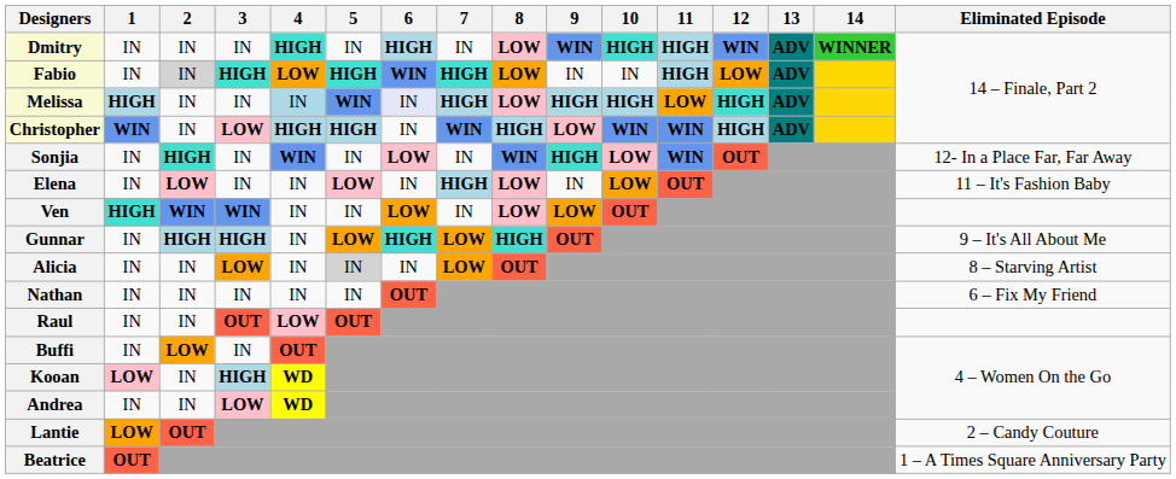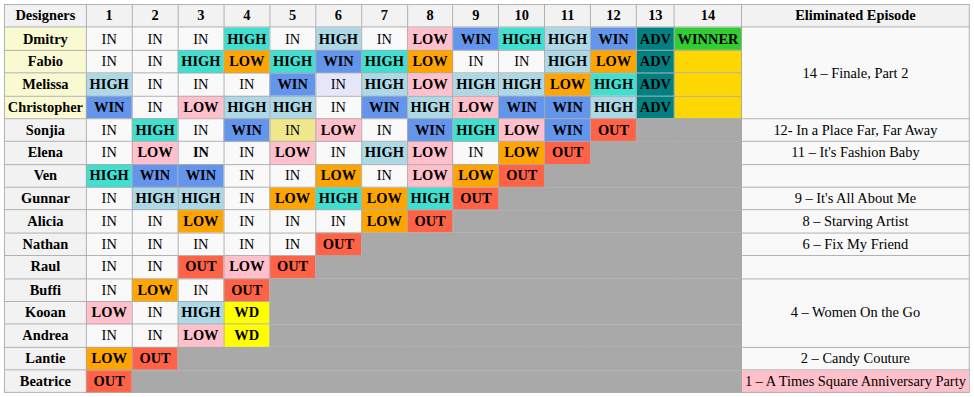 <table class="wikitable" style="text-align:center">
 <tr>
 <th>Designers</th>
 <th>1</th>
 <th>2</th>
 <th>3</th>
 <th>4</th>
 <th>5</th>
 <th>6</th>
 <th>7</th>
 <th>8</th>
 <th>9</th>
 <th>10</th>
 <th>11</th>
 <th>12</th>
 <th>13</th>
 <th>14</th>
 <th>Eliminated Episode</th>
 </tr>
 <tr>
 <th style="background:#FAFAD2;">Dmitry</th>
 <td>IN</td>
 <td>IN</td>
 <td>IN</td>
 <td style="background:turquoise;"><strong>HIGH</strong></td>
 <td>IN</td>
 <td style="background:lightblue;"><strong>HIGH</strong></td>
 <td>IN</td>
 <td style="background:pink;"><strong>LOW</strong></td>
 <td style="background:cornflowerblue;"><strong>WIN</strong></td>
 <td style="background:turquoise;"><strong>HIGH</strong></td>
 <td style="background:lightblue;"><strong>HIGH</strong></td>
 <td style="background:cornflowerblue;"><strong>WIN</strong></td>
 <td style="background:teal;"><strong>ADV</strong></td>
 <td style="background:Limegreen;"><strong>WINNER</strong></td>
 <td rowspan="4">14 – Finale, Part 2</td>
 </tr>
 <tr>
 <th style="background:#FAFAD2;">Fabio</th>
 <td>IN</td>
-<td style="background: lightgrey;">IN</td>
+<td>IN</td>
 <td style="background:turquoise;"><strong>HIGH</strong></td>
 <td style="background:orange;"><strong>LOW</strong></td>
 <td style="background:turquoise;"><strong>HIGH</strong></td>
 <td style="background:cornflowerblue;"><strong>WIN</strong></td>
 <td style="background:turquoise;"><strong>HIGH</strong></td>
 <td style="background:orange;"><strong>LOW</strong></td>
 <td>IN</td>
 <td>IN</td>
 <td style="background:lightblue;"><strong>HIGH</strong></td>
 <td style="background:orange;"><strong>LOW</strong></td>
 <td style="background:teal;"><strong>ADV</strong></td>
 <td style="background:gold;"></td>
 </tr>
 <tr>
 <th style="background:#FAFAD2;">Melissa</th>
 <td style="background:lightblue;"><strong>HIGH</strong></td>
 <td>IN</td>
 <td>IN</td>
-<td style="background: lightblue;">IN</td>
+<td>IN</td>
 <td style="background:cornflowerblue;"><strong>WIN</strong></td>
 <td style="background: lavender;">IN</td>
 <td style="background:lightblue;"><strong>HIGH</strong></td>
 <td style="background:pink;"><strong>LOW</strong></td>
 <td style="background:lightblue;"><strong>HIGH</strong></td>
 <td style="background:lightblue;"><strong>HIGH</strong></td>
 <td style="background:orange;"><strong>LOW</strong></td>
 <td style="background:turquoise;"><strong>HIGH</strong></td>
 <td style="background:teal;"><strong>ADV</strong></td>
 <td style="background:gold;"></td>
 </tr>
 <tr>
 <th style="background:#FAFAD2;">Christopher</th>
 <td style="background:cornflowerblue;"><strong>WIN</strong></td>
 <td>IN</td>
 <td style="background:pink;"><strong>LOW</strong></td>
 <td style="background:lightblue;"><strong>HIGH</strong></td>
 <td style="background:lightblue;"><strong>HIGH</strong></td>
 <td>IN</td>
 <td style="background:cornflowerblue;"><strong>WIN</strong></td>
 <td style="background:lightblue;"><strong>HIGH</strong></td>
 <td style="background:pink;"><strong>LOW</strong></td>
 <td style="background:cornflowerblue;"><strong>WIN</strong></td>
 <td style="background:cornflowerblue;"><strong>WIN</strong></td>
 <td style="background:lightblue;"><strong>HIGH</strong></td>
 <td style="background:teal;"><strong>ADV</strong></td>
 <td style="background:gold;"></td>
 </tr>
 <tr>
 <th>Sonjia</th>
 <td>IN</td>
 <td style="background:turquoise;"><strong>HIGH</strong></td>
 <td>IN</td>
 <td style="background:cornflowerblue;"><strong>WIN</strong></td>
-<td>IN</td>
+<td style="background: khaki;">IN</td>
 <td style="background:pink;"><strong>LOW</strong></td>
 <td>IN</td>
 <td style="background:cornflowerblue;"><strong>WIN</strong></td>
 <td style="background:turquoise;"><strong>HIGH</strong></td>
 <td style="background:pink;"><strong>LOW</strong></td>
 <td style="background:cornflowerblue;"><strong>WIN</strong></td>
 <td style="background:tomato;"><strong>OUT</strong></td>
 <td style="background:darkgray;" colspan="2"></td>
 <td>12- In a Place Far, Far Away</td>
 </tr>
 <tr>
 <th>Elena</th>
 <td>IN</td>
 <td style="background:pink;"><strong>LOW</strong></td>
-<td>IN</td>
+<td><strong>IN</strong></td>
 <td>IN</td>
 <td style="background:pink;"><strong>LOW</strong></td>
 <td>IN</td>
 <td style="background:lightblue;"><strong>HIGH</strong></td>
 <td style="background:pink;"><strong>LOW</strong></td>
 <td>IN</td>
 <td style="background:orange;"><strong>LOW</strong></td>
 <td style="background:tomato;"><strong>OUT</strong></td>
 <td style="background:darkgray;" colspan="3"></td>
 <td>11 – It's Fashion Baby</td>
 </tr>
 <tr>
 <th>Ven</th>
 <td style="background:turquoise;"><strong>HIGH</strong></td>
 <td style="background:cornflowerblue;"><strong>WIN</strong></td>
 <td style="background:cornflowerblue;"><strong>WIN</strong></td>
 <td>IN</td>
 <td>IN</td>
 <td style="background:orange;"><strong>LOW</strong></td>
 <td>IN</td>
 <td style="background:pink;"><strong>LOW</strong></td>
 <td style="background:orange;"><strong>LOW</strong></td>
 <td style="background:tomato;"><strong>OUT</strong></td>
 <td style="background:darkgray;" colspan="4"></td>
 <td></td>
 </tr>
 <tr>
 <th>Gunnar</th>
 <td>IN</td>
 <td style="background:lightblue;"><strong>HIGH</strong></td>
 <td style="background:lightblue;"><strong>HIGH</strong></td>
 <td>IN</td>
 <td style="background:orange;"><strong>LOW</strong></td>
 <td style="background:turquoise;"><strong>HIGH</strong></td>
 <td style="background:orange;"><strong>LOW</strong></td>
 <td style="background:turquoise;"><strong>HIGH</strong></td>
 <td style="background:tomato;"><strong>OUT</strong></td>
 <td style="background:darkgray;" colspan="5"></td>
 <td>9 – It's All About Me</td>
 </tr>
 <tr>
 <th>Alicia</th>
 <td>IN</td>
 <td>IN</td>
 <td style="background:orange;"><strong>LOW</strong></td>
 <td>IN</td>
-<td style="background: lightgrey;">IN</td>
+<td>IN</td>
 <td>IN</td>
 <td style="background:orange;"><strong>LOW</strong></td>
 <td style="background:tomato;"><strong>OUT</strong></td>
 <td style="background:darkgray;" colspan="6"></td>
 <td>8 – Starving Artist</td>
 </tr>
 <tr>
 <th>Nathan</th>
 <td>IN</td>
 <td>IN</td>
 <td>IN</td>
 <td>IN</td>
 <td>IN</td>
 <td style="background:tomato;"><strong>OUT</strong></td>
 <td style="background:darkgray;" colspan="8"></td>
 <td>6 – Fix My Friend</td>
 </tr>
 <tr>
 <th>Raul</th>
 <td>IN</td>
 <td>IN</td>
 <td style="background:tomato;"><strong>OUT</strong></td>
 <td style="background:pink;"><strong>LOW</strong></td>
 <td style="background:tomato;"><strong>OUT</strong></td>
 <td style="background:darkgray;" colspan="9"></td>
 <td></td>
 </tr>
 <tr>
 <th>Buffi</th>
 <td>IN</td>
 <td style="background:orange;"><strong>LOW</strong></td>
 <td>IN</td>
 <td style="background:tomato;"><strong>OUT</strong></td>
 <td style="background:darkgray;" colspan="10"></td>
 <td rowspan="3">4 – Women On the Go</td>
 </tr>
 <tr>
 <th>Kooan</th>
 <td style="background:pink;"><strong>LOW</strong></td>
 <td>IN</td>
 <td style="background:lightblue;"><strong>HIGH</strong></td>
 <td style="background:yellow;"><strong>WD</strong></td>
 <td style="background:darkgray;" colspan="10"></td>
 </tr>
 <tr>
 <th>Andrea</th>
 <td>IN</td>
 <td>IN</td>
 <td style="background:pink;"><strong>LOW</strong></td>
 <td style="background:yellow;"><strong>WD</strong></td>
 <td style="background:darkgray;" colspan="10"></td>
 </tr>
 <tr>
 <th>Lantie</th>
 <td style="background:orange;"><strong>LOW</strong></td>
 <td style="background:tomato;"><strong>OUT</strong></td>
 <td style="background:darkgray;" colspan="12"></td>
 <td>2 –  Candy Couture</td>
 </tr>
 <tr>
 <th>Beatrice</th>
 <td style="background:tomato;"><strong>OUT</strong></td>
 <td style="background:darkgray;" colspan="13"></td>
-<td>1 – A Times Square Anniversary Party</td>
+<td style="background: pink;">1 – A Times Square Anniversary Party</td>
 </tr>
 </table>
